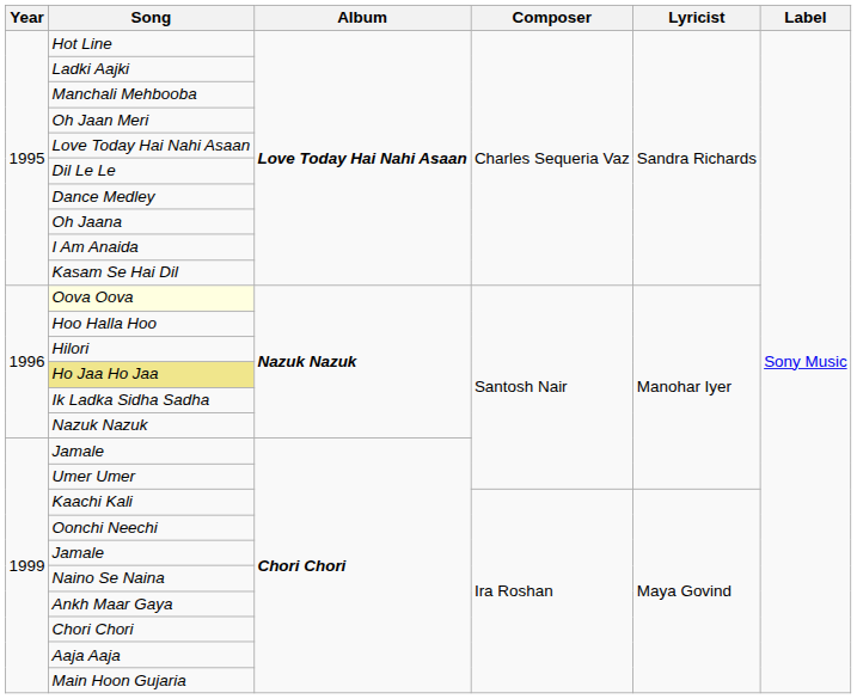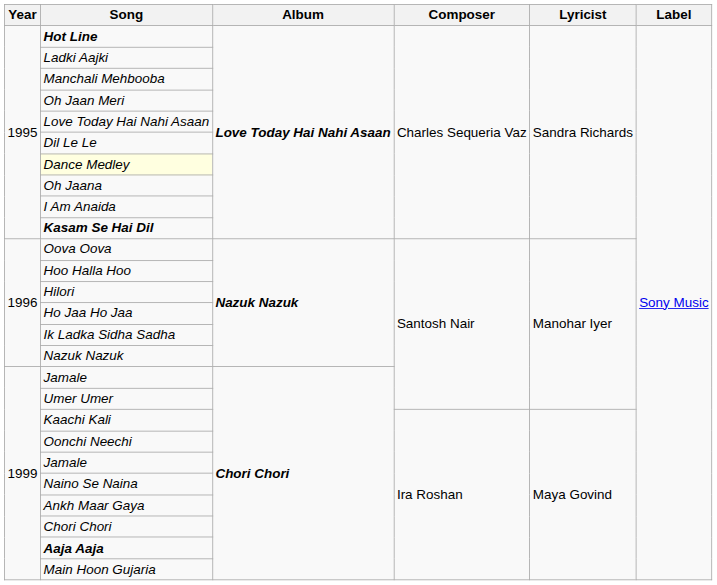 <table class="wikitable sortable">
 <tr>
 <th>Year</th>
 <th>Song</th>
 <th>Album</th>
 <th>Composer</th>
 <th>Lyricist</th>
 <th>Label</th>
 </tr>
 <tr>
 <td rowspan="10">1995</td>
-<td><em>Hot Line</em></td>
+<td><strong><em>Hot Line</em></strong></td>
 <td rowspan="10"><strong><em>Love Today Hai Nahi Asaan</em></strong></td>
 <td rowspan="10">Charles Sequeria Vaz</td>
 <td rowspan="10">Sandra Richards</td>
 <td rowspan="26"><a href='#'>Sony Music</a></td>
 </tr>
 <tr>
 <td><em>Ladki Aajki</em></td>
 </tr>
 <tr>
 <td><em>Manchali Mehbooba</em></td>
 </tr>
 <tr>
 <td><em>Oh Jaan Meri</em></td>
 </tr>
 <tr>
 <td><em>Love Today Hai Nahi Asaan</em></td>
 </tr>
 <tr>
 <td><em>Dil Le Le</em></td>
 </tr>
 <tr>
-<td><em>Dance Medley</em></td>
+<td style="background: lightyellow;"><em>Dance Medley</em></td>
 </tr>
 <tr>
 <td><em>Oh Jaana</em></td>
 </tr>
 <tr>
 <td><em>I Am Anaida</em></td>
 </tr>
 <tr>
-<td><em>Kasam Se Hai Dil</em></td>
+<td><strong><em>Kasam Se Hai Dil</em></strong></td>
 </tr>
 <tr>
 <td rowspan="6">1996</td>
-<td style="background: lightyellow;"><em>Oova Oova</em></td>
+<td><em>Oova Oova</em></td>
 <td rowspan="6"><strong><em>Nazuk Nazuk</em></strong></td>
 <td rowspan="8">Santosh Nair</td>
 <td rowspan="8">Manohar Iyer</td>
 </tr>
 <tr>
 <td><em>Hoo Halla Hoo</em></td>
 </tr>
 <tr>
 <td><em>Hilori</em></td>
 </tr>
 <tr>
-<td style="background: khaki;"><em>Ho Jaa Ho Jaa</em></td>
+<td><em>Ho Jaa Ho Jaa</em></td>
 </tr>
 <tr>
 <td><em>Ik Ladka Sidha Sadha</em></td>
 </tr>
 <tr>
 <td><em>Nazuk Nazuk</em></td>
 </tr>
 <tr>
 <td rowspan="10">1999</td>
 <td><em>Jamale</em></td>
 <td rowspan="10"><strong><em>Chori Chori</em></strong></td>
 </tr>
 <tr>
 <td><em>Umer Umer</em></td>
 </tr>
 <tr>
 <td><em>Kaachi Kali</em></td>
 <td rowspan="8">Ira Roshan</td>
 <td rowspan="8">Maya Govind</td>
 </tr>
 <tr>
 <td><em>Oonchi Neechi</em></td>
 </tr>
 <tr>
 <td><em>Jamale</em></td>
 </tr>
 <tr>
 <td><em>Naino Se Naina</em></td>
 </tr>
 <tr>
 <td><em>Ankh Maar Gaya</em></td>
 </tr>
 <tr>
 <td><em>Chori Chori</em></td>
 </tr>
 <tr>
-<td><em>Aaja Aaja</em></td>
+<td><strong><em>Aaja Aaja</em></strong></td>
 </tr>
 <tr>
 <td><em>Main Hoon Gujaria</em></td>
 </tr>
 </table>
